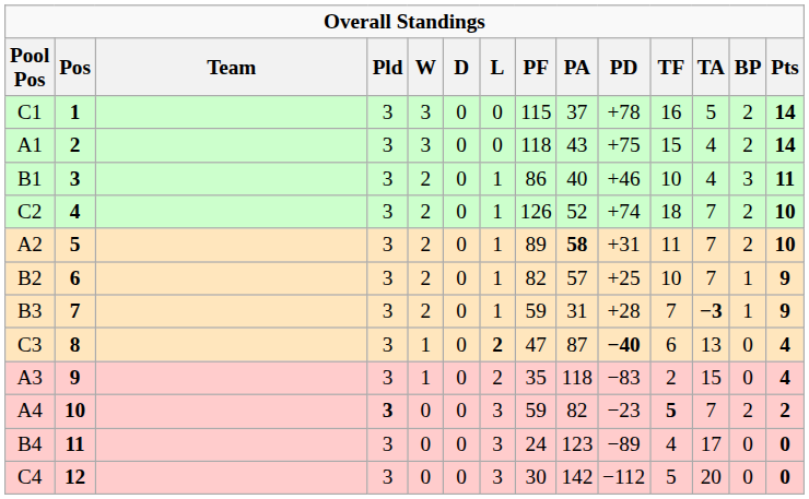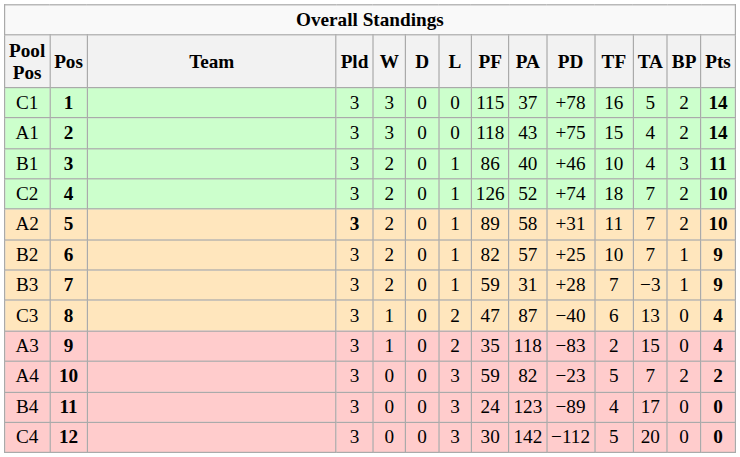 <table class="wikitable" style="float:left; margin-right:15px; text-align: center;">
 <tr>
 <td colspan=15><div><strong>Overall Standings</strong></div></td>
 </tr>
 <tr>
 <th width="20">Pool Pos</th>
 <th width="20">Pos</th>
 <th width="200">Team</th>
 <th width="20">Pld</th>
 <th width="20">W</th>
 <th width="20">D</th>
 <th width="20">L</th>
 <th width="20">PF</th>
 <th width="20">PA</th>
 <th width="20">PD</th>
 <th width="25">TF</th>
 <th width="20">TA</th>
 <th width="20">BP</th>
 <th width="20">Pts<br></th>
 </tr>
 <tr style="background:#ccffcc; text-align:center;">
 <td>C1</td>
 <td><strong>1</strong></td>
 <td align=left></td>
 <td>3</td>
 <td>3</td>
 <td>0</td>
 <td>0</td>
 <td>115</td>
 <td>37</td>
 <td>+78</td>
 <td>16</td>
 <td>5</td>
 <td>2</td>
 <td><strong>14</strong></td>
 </tr>
 <tr style="background:#ccffcc; text-align:center;">
 <td>A1</td>
 <td><strong>2</strong></td>
 <td align=left></td>
 <td>3</td>
 <td>3</td>
 <td>0</td>
 <td>0</td>
 <td>118</td>
 <td>43</td>
 <td>+75</td>
 <td>15</td>
 <td>4</td>
 <td>2</td>
 <td><strong>14</strong></td>
 </tr>
 <tr style="background:#ccffcc; text-align:center;">
 <td>B1</td>
 <td><strong>3</strong></td>
 <td align=left></td>
 <td>3</td>
 <td>2</td>
 <td>0</td>
 <td>1</td>
 <td>86</td>
 <td>40</td>
 <td>+46</td>
 <td>10</td>
 <td>4</td>
 <td>3</td>
 <td><strong>11</strong></td>
 </tr>
 <tr style="background:#ccffcc; text-align:center;">
 <td>C2</td>
 <td><strong>4</strong></td>
 <td align=left></td>
 <td>3</td>
 <td>2</td>
 <td>0</td>
 <td>1</td>
 <td>126</td>
 <td>52</td>
 <td>+74</td>
 <td>18</td>
 <td>7</td>
 <td>2</td>
 <td><strong>10</strong></td>
 </tr>
 <tr style="background:#ffe6bd; text-align:center;">
 <td>A2</td>
 <td><strong>5</strong></td>
 <td align=left></td>
-<td>3</td>
+<td><strong>3</strong></td>
 <td>2</td>
 <td>0</td>
 <td>1</td>
 <td>89</td>
-<td><strong>58</strong></td>
+<td>58</td>
 <td>+31</td>
 <td>11</td>
 <td>7</td>
 <td>2</td>
 <td><strong>10</strong></td>
 </tr>
 <tr style="background:#ffe6bd; text-align:center;">
 <td>B2</td>
 <td><strong>6</strong></td>
 <td align=left></td>
 <td>3</td>
 <td>2</td>
 <td>0</td>
 <td>1</td>
 <td>82</td>
 <td>57</td>
 <td>+25</td>
 <td>10</td>
 <td>7</td>
 <td>1</td>
 <td><strong>9</strong></td>
 </tr>
 <tr style="background:#ffe6bd; text-align:center;">
 <td>B3</td>
 <td><strong>7</strong></td>
 <td align=left></td>
 <td>3</td>
 <td>2</td>
 <td>0</td>
 <td>1</td>
 <td>59</td>
 <td>31</td>
 <td>+28</td>
 <td>7</td>
-<td><strong>−3</strong></td>
+<td>−3</td>
 <td>1</td>
 <td><strong>9</strong></td>
 </tr>
 <tr style="background:#ffe6bd; text-align:center;">
 <td>C3</td>
 <td><strong>8</strong></td>
 <td align=left></td>
 <td>3</td>
 <td>1</td>
 <td>0</td>
-<td><strong>2</strong></td>
+<td>2</td>
 <td>47</td>
 <td>87</td>
-<td><strong>−40</strong></td>
+<td>−40</td>
 <td>6</td>
 <td>13</td>
 <td>0</td>
 <td><strong>4</strong></td>
 </tr>
 <tr style="background:#fcc; text-align:center;">
 <td>A3</td>
 <td><strong>9</strong></td>
 <td align=left></td>
 <td>3</td>
 <td>1</td>
 <td>0</td>
 <td>2</td>
 <td>35</td>
 <td>118</td>
 <td>−83</td>
 <td>2</td>
 <td>15</td>
 <td>0</td>
 <td><strong>4</strong></td>
 </tr>
 <tr style="background:#fcc; text-align:center;">
 <td>A4</td>
 <td><strong>10</strong></td>
 <td align=left></td>
-<td><strong>3</strong></td>
+<td>3</td>
 <td>0</td>
 <td>0</td>
 <td>3</td>
 <td>59</td>
 <td>82</td>
 <td>−23</td>
-<td><strong>5</strong></td>
+<td>5</td>
 <td>7</td>
 <td>2</td>
 <td><strong>2</strong></td>
 </tr>
 <tr style="background:#fcc; text-align:center;">
 <td>B4</td>
 <td><strong>11</strong></td>
 <td align=left></td>
 <td>3</td>
 <td>0</td>
 <td>0</td>
 <td>3</td>
 <td>24</td>
 <td>123</td>
 <td>−89</td>
 <td>4</td>
 <td>17</td>
 <td>0</td>
 <td><strong>0</strong></td>
 </tr>
 <tr style="background:#fcc; text-align:center;">
 <td>C4</td>
 <td><strong>12</strong></td>
 <td align=left></td>
 <td>3</td>
 <td>0</td>
 <td>0</td>
 <td>3</td>
 <td>30</td>
 <td>142</td>
 <td>−112</td>
 <td>5</td>
 <td>20</td>
 <td>0</td>
 <td><strong>0</strong></td>
 </tr>
 </table>
